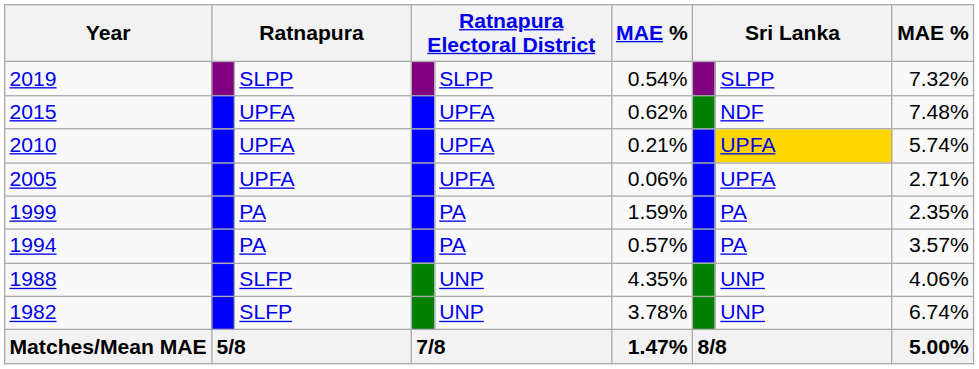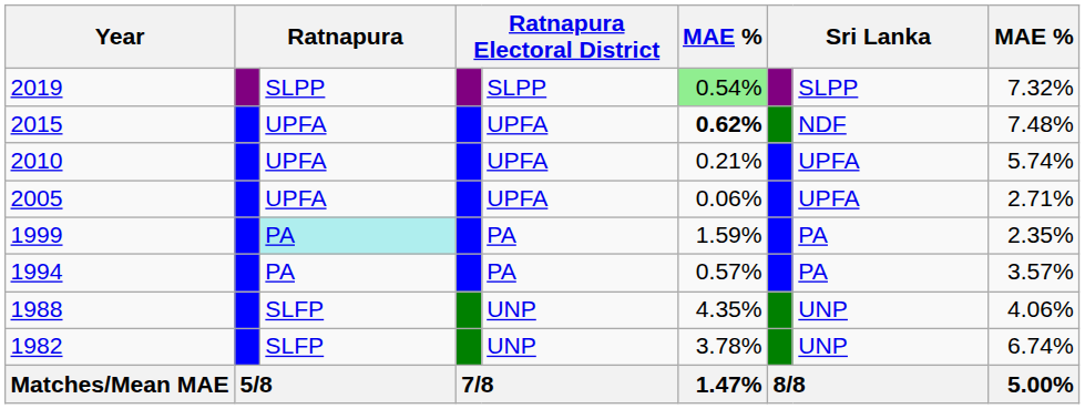 <table class="wikitable">
 <tr>
 <th>Year</th>
 <th colspan="2" width="144px">Ratnapura</th>
 <th colspan="2" width="144px"><a href='#'>Ratnapura Electoral District</a></th>
 <th><a href='#'>MAE</a> %</th>
 <th colspan="2" width="144px">Sri Lanka</th>
 <th>MAE %</th>
 </tr>
 <tr>
 <td><a href='#'>2019</a></td>
 <td style="background-color:purple;" width="10px"></td>
 <td style="text-align:left;"><a href='#'>SLPP</a></td>
 <td style="background-color:purple;" width="10px"></td>
 <td style="text-align:left;"><a href='#'>SLPP</a></td>
-<td style="text-align:right;">0.54%</td>
+<td style="background: lightgreen; text-align:right;">0.54%</td>
 <td style="background-color:purple;" width="10px"></td>
 <td style="text-align:left;"><a href='#'>SLPP</a></td>
 <td style="text-align:right;">7.32%</td>
 </tr>
 <tr>
 <td><a href='#'>2015</a></td>
 <td style="background-color:blue;" width="10px"></td>
 <td style="text-align:left;"><a href='#'>UPFA</a></td>
 <td style="background-color:blue;" width="10px"></td>
 <td style="text-align:left;"><a href='#'>UPFA</a></td>
-<td style="text-align:right;">0.62%</td>
+<td style="text-align:right;"><strong>0.62%</strong></td>
 <td style="background-color:green;" width="10px"></td>
 <td style="text-align:left;"><a href='#'>NDF</a></td>
 <td style="text-align:right;">7.48%</td>
 </tr>
 <tr>
 <td><a href='#'>2010</a></td>
 <td style="background-color:blue;" width="10px"></td>
 <td style="text-align:left;"><a href='#'>UPFA</a></td>
 <td style="background-color:blue;" width="10px"></td>
 <td style="text-align:left;"><a href='#'>UPFA</a></td>
 <td style="text-align:right;">0.21%</td>
 <td style="background-color:blue;" width="10px"></td>
-<td style="background: gold; text-align:left;"><a href='#'>UPFA</a></td>
+<td style="text-align:left;"><a href='#'>UPFA</a></td>
 <td style="text-align:right;">5.74%</td>
 </tr>
 <tr>
 <td><a href='#'>2005</a></td>
 <td style="background-color:blue;" width="10px"></td>
 <td style="text-align:left;"><a href='#'>UPFA</a></td>
 <td style="background-color:blue;" width="10px"></td>
 <td style="text-align:left;"><a href='#'>UPFA</a></td>
 <td style="text-align:right;">0.06%</td>
 <td style="background-color:blue;" width="10px"></td>
 <td style="text-align:left;"><a href='#'>UPFA</a></td>
 <td style="text-align:right;">2.71%</td>
 </tr>
 <tr>
 <td><a href='#'>1999</a></td>
 <td style="background-color:blue;" width="10px"></td>
-<td style="text-align:left;"><a href='#'>PA</a></td>
+<td style="background: paleturquoise; text-align:left;"><a href='#'>PA</a></td>
 <td style="background-color:blue;" width="10px"></td>
 <td style="text-align:left;"><a href='#'>PA</a></td>
 <td style="text-align:right;">1.59%</td>
 <td style="background-color:blue;" width="10px"></td>
 <td style="text-align:left;"><a href='#'>PA</a></td>
 <td style="text-align:right;">2.35%</td>
 </tr>
 <tr>
 <td><a href='#'>1994</a></td>
 <td style="background-color:blue;" width="10px"></td>
 <td style="text-align:left;"><a href='#'>PA</a></td>
 <td style="background-color:blue;" width="10px"></td>
 <td style="text-align:left;"><a href='#'>PA</a></td>
 <td style="text-align:right;">0.57%</td>
 <td style="background-color:blue;" width="10px"></td>
 <td style="text-align:left;"><a href='#'>PA</a></td>
 <td style="text-align:right;">3.57%</td>
 </tr>
 <tr>
 <td><a href='#'>1988</a></td>
 <td style="background-color:blue;" width="10px"></td>
 <td style="text-align:left;"><a href='#'>SLFP</a></td>
 <td style="background-color:green;" width="10px"></td>
 <td style="text-align:left;"><a href='#'>UNP</a></td>
 <td style="text-align:right;">4.35%</td>
 <td style="background-color:green;" width="10px"></td>
 <td style="text-align:left;"><a href='#'>UNP</a></td>
 <td style="text-align:right;">4.06%</td>
 </tr>
 <tr>
 <td><a href='#'>1982</a></td>
 <td style="background-color:blue;" width="10px"></td>
 <td style="text-align:left;"><a href='#'>SLFP</a></td>
 <td style="background-color:green;" width="10px"></td>
 <td style="text-align:left;"><a href='#'>UNP</a></td>
 <td style="text-align:right;">3.78%</td>
 <td style="background-color:green;" width="10px"></td>
 <td style="text-align:left;"><a href='#'>UNP</a></td>
 <td style="text-align:right;">6.74%</td>
 </tr>
 <tr>
 <th>Matches/Mean MAE</th>
 <th style="text-align:left;"colspan="2" width="144px">5/8</th>
 <th style="text-align:left;"colspan="2" width="144px">7/8</th>
 <th style="text-align:right;">1.47%</th>
 <th style="text-align:left;"colspan="2" width="144px">8/8</th>
 <th style="text-align:right;">5.00%</th>
 </tr>
 </table>
